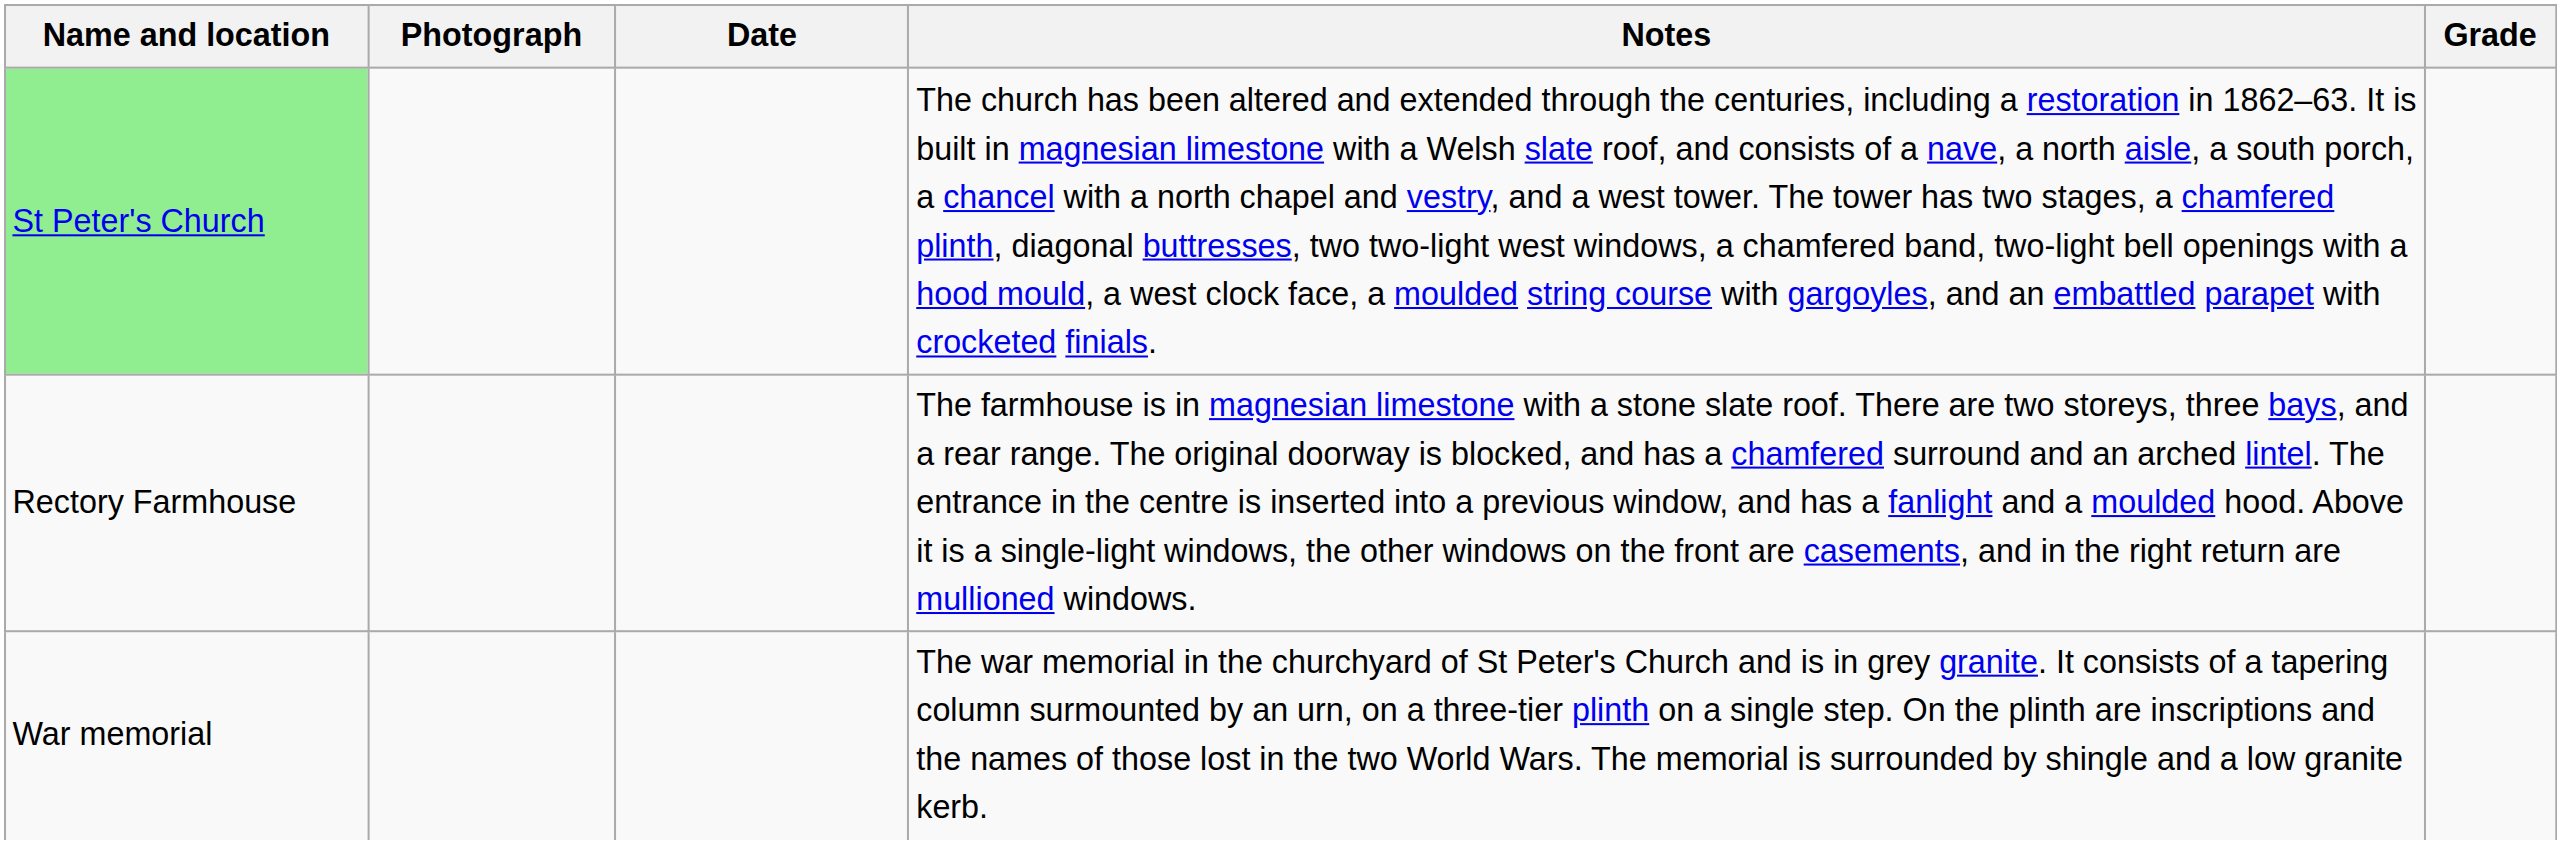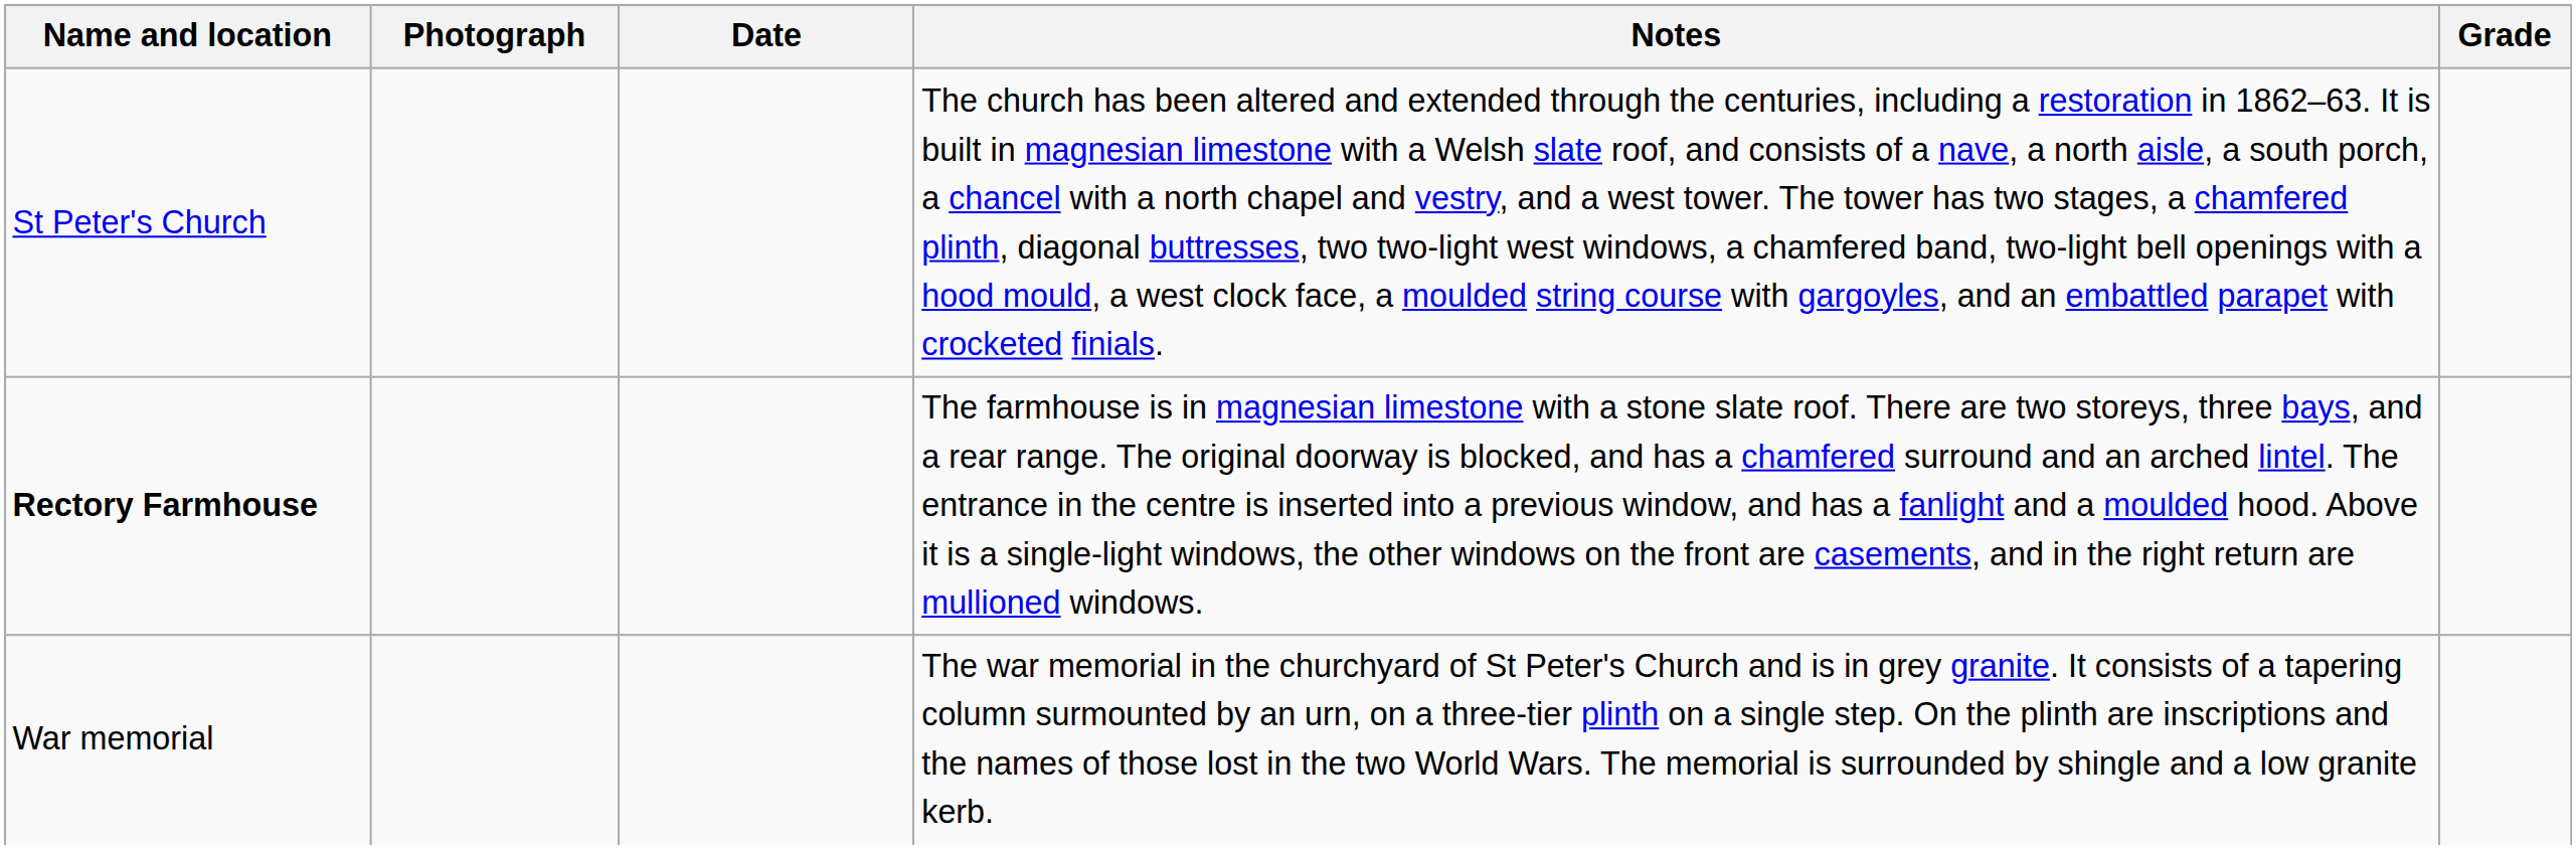 <table class="wikitable sortable plainrowheaders" style="width:100%; border:0px; text-align:left; line-height:150%">
 <tr>
 <th scope="col"  style="width:150px">Name and location</th>
 <th scope="col"  style="width:100px" class="unsortable">Photograph</th>
 <th scope="col"  style="width:120px">Date</th>
 <th scope="col"  style="width:650px" class="unsortable">Notes</th>
 <th scope="col"  style="width:50px">Grade</th>
 </tr>
 <tr>
-<td style="background: lightgreen;"><a href='#'>St Peter's Church</a><br><small></small></td>
+<td><a href='#'>St Peter's Church</a><br><small></small></td>
 <td></td>
 <td align="center"></td>
 <td>The church has been altered and extended through the centuries, including a <a href='#'>restoration</a> in 1862–63. It is built in <a href='#'>magnesian limestone</a> with a Welsh <a href='#'>slate</a> roof, and consists of a <a href='#'>nave</a>, a north <a href='#'>aisle</a>, a south porch, a <a href='#'>chancel</a> with a north chapel and <a href='#'>vestry</a>, and a west tower. The tower has two stages, a <a href='#'>chamfered</a> <a href='#'>plinth</a>, diagonal <a href='#'>buttresses</a>, two two-light west windows, a chamfered band, two-light bell openings with a <a href='#'>hood mould</a>, a west clock face, a <a href='#'>moulded</a> <a href='#'>string course</a> with <a href='#'>gargoyles</a>, and an <a href='#'>embattled</a> <a href='#'>parapet</a> with <a href='#'>crocketed</a> <a href='#'>finials</a>.</td>
 <td align="center" ></td>
 </tr>
 <tr>
-<td>Rectory Farmhouse<br><small></small></td>
+<td><strong>Rectory Farmhouse<br><small></small></strong></td>
 <td></td>
 <td align="center"></td>
 <td>The farmhouse is in <a href='#'>magnesian limestone</a> with a stone slate roof. There are two storeys, three <a href='#'>bays</a>, and a rear range. The original doorway is blocked, and has a <a href='#'>chamfered</a> surround and an arched <a href='#'>lintel</a>. The entrance in the centre is inserted into a previous window, and has a <a href='#'>fanlight</a> and a <a href='#'>moulded</a> hood. Above it is a single-light windows, the other windows on the front are <a href='#'>casements</a>, and in the right return are <a href='#'>mullioned</a> windows.</td>
 <td align="center" ></td>
 </tr>
 <tr>
 <td>War memorial<br><small></small></td>
 <td></td>
 <td align="center"></td>
 <td>The war memorial in the churchyard of St Peter's Church and is in grey <a href='#'>granite</a>. It consists of a tapering column surmounted by an urn, on a three-tier <a href='#'>plinth</a> on a single step. On the plinth are inscriptions and the names of those lost in the two World Wars. The memorial is surrounded by shingle and a low granite kerb.</td>
 <td align="center" ></td>
 </tr>
 <tr>
 </tr>
 </table>
